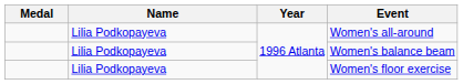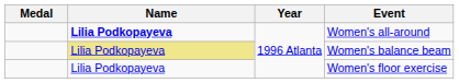 <table class="wikitable sortable">
 <tr>
 <th style="width:5em;">Medal</th>
 <th width=250>Name</th>
 <th>Year</th>
 <th>Event</th>
 </tr>
 <tr>
 <td></td>
-<td><a href='#'>Lilia Podkopayeva</a></td>
+<td><strong><a href='#'>Lilia Podkopayeva</a></strong></td>
 <td rowspan="3"> <a href='#'>1996 Atlanta</a></td>
 <td><a href='#'>Women's all-around</a></td>
 </tr>
 <tr>
 <td></td>
-<td><a href='#'>Lilia Podkopayeva</a></td>
+<td style="background: khaki;"><a href='#'>Lilia Podkopayeva</a></td>
 <td><a href='#'>Women's balance beam</a></td>
 </tr>
 <tr>
 <td></td>
 <td><a href='#'>Lilia Podkopayeva</a></td>
 <td><a href='#'>Women's floor exercise</a></td>
 </tr>
 </table>
